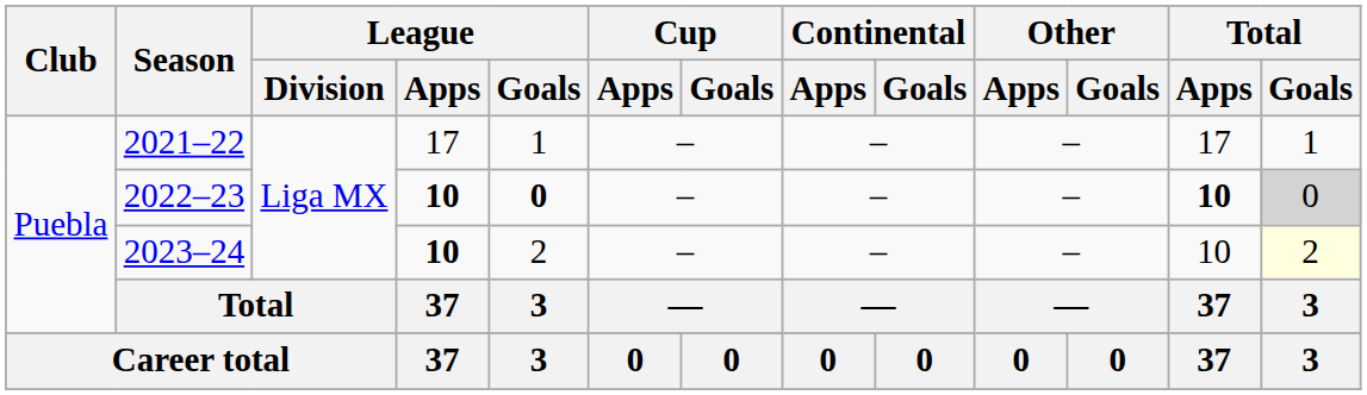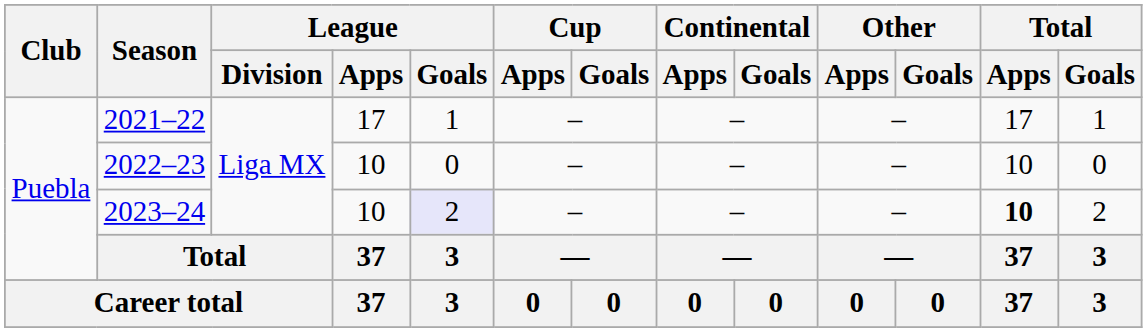 <table class="wikitable" style="text-align: center">
 <tr>
 <th rowspan="2">Club</th>
 <th rowspan="2">Season</th>
 <th colspan="3">League</th>
 <th colspan="2">Cup</th>
 <th colspan="2">Continental</th>
 <th colspan="2">Other</th>
 <th colspan="2">Total</th>
 </tr>
 <tr>
 <th>Division</th>
 <th>Apps</th>
 <th>Goals</th>
 <th>Apps</th>
 <th>Goals</th>
 <th>Apps</th>
 <th>Goals</th>
 <th>Apps</th>
 <th>Goals</th>
 <th>Apps</th>
 <th>Goals</th>
 </tr>
 <tr>
 <td rowspan="4"><a href='#'>Puebla</a></td>
 <td><a href='#'>2021–22</a></td>
 <td rowspan="3"><a href='#'>Liga MX</a></td>
 <td>17</td>
 <td>1</td>
 <td colspan="2">–</td>
 <td colspan="2">–</td>
 <td colspan="2">–</td>
 <td>17</td>
 <td>1</td>
 </tr>
 <tr>
 <td><a href='#'>2022–23</a></td>
-<td><strong>10</strong></td>
-<td><strong>0</strong></td>
+<td>10</td>
+<td>0</td>
+<td colspan="2">–</td>
+<td colspan="2">–</td>
+<td colspan="2">–</td>
+<td>10</td>
+<td>0</td>
+</tr>
+<tr>
+<td><a href='#'>2023–24</a></td>
+<td>10</td>
+<td style="background: lavender;">2</td>
 <td colspan="2">–</td>
 <td colspan="2">–</td>
 <td colspan="2">–</td>
 <td><strong>10</strong></td>
-<td style="background: lightgrey;">0</td>
-</tr>
-<tr>
-<td><a href='#'>2023–24</a></td>
-<td><strong>10</strong></td>
 <td>2</td>
-<td colspan="2">–</td>
-<td colspan="2">–</td>
-<td colspan="2">–</td>
-<td>10</td>
-<td style="background: lightyellow;">2</td>
 </tr>
 <tr>
 <th colspan="2">Total</th>
 <th>37</th>
 <th>3</th>
 <th colspan="2">—</th>
 <th colspan="2">—</th>
 <th colspan="2">—</th>
 <th>37</th>
 <th>3</th>
 </tr>
 <tr>
 <th colspan="3"><strong>Career total</strong></th>
 <th>37</th>
 <th>3</th>
 <th>0</th>
 <th>0</th>
 <th>0</th>
 <th>0</th>
 <th>0</th>
 <th>0</th>
 <th>37</th>
 <th>3</th>
 </tr>
 </table>
